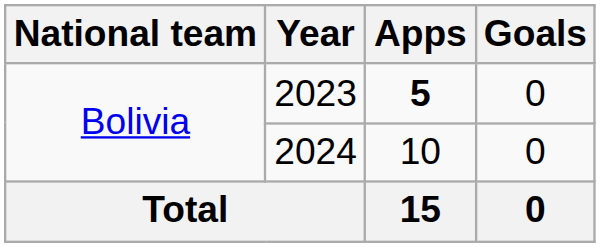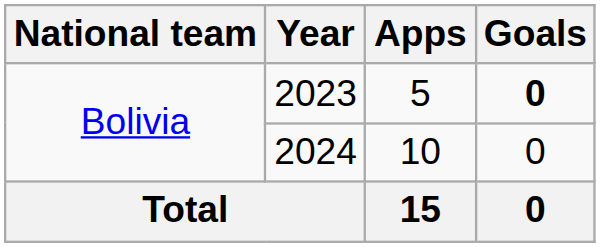 <table class=wikitable style=text-align:center>
 <tr>
 <th>National team</th>
 <th>Year</th>
 <th>Apps</th>
 <th>Goals</th>
 </tr>
 <tr>
 <td rowspan="2"><a href='#'>Bolivia</a></td>
 <td>2023</td>
-<td><strong>5</strong></td>
-<td>0</td>
+<td>5</td>
+<td><strong>0</strong></td>
 </tr>
 <tr>
 <td>2024</td>
 <td>10</td>
 <td>0</td>
 </tr>
 <tr>
 <th colspan="2">Total</th>
 <th>15</th>
 <th>0</th>
 </tr>
 </table>
